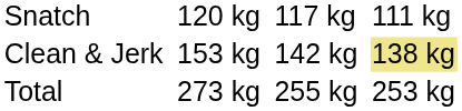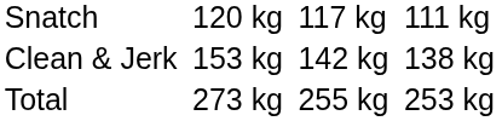 <table>
 <tr>
 <td>Snatch</td>
 <td></td>
 <td>120 kg</td>
 <td></td>
 <td>117 kg</td>
 <td></td>
 <td>111 kg</td>
 </tr>
 <tr>
 <td>Clean & Jerk</td>
 <td></td>
 <td>153 kg</td>
 <td></td>
 <td>142 kg</td>
 <td></td>
-<td style="background: khaki;">138 kg</td>
+<td>138 kg</td>
 </tr>
 <tr>
 <td>Total</td>
 <td></td>
 <td>273 kg</td>
 <td></td>
 <td>255 kg</td>
 <td></td>
 <td>253 kg</td>
 </tr>
 </table>
